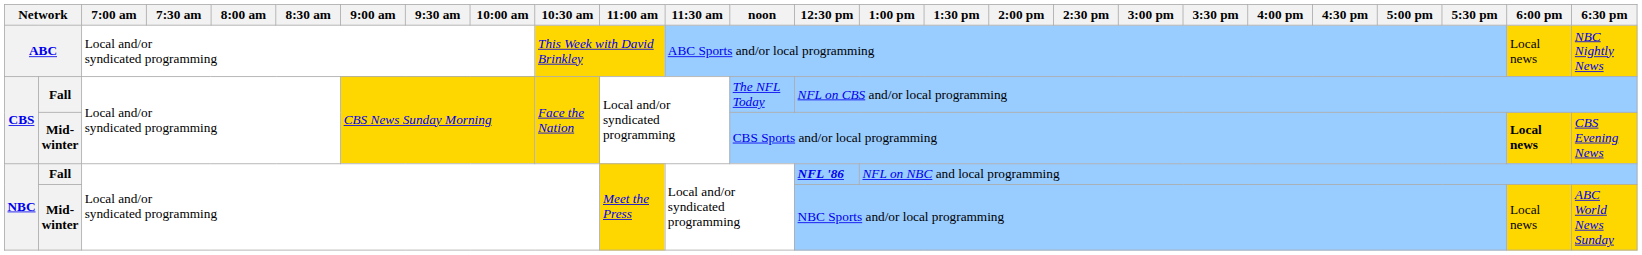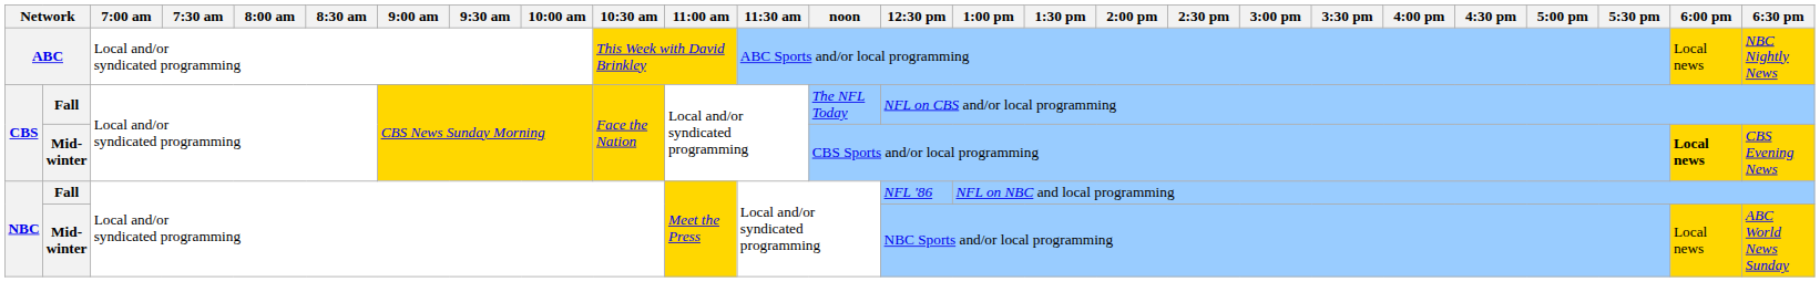 <table class=wikitable>
 <tr>
 <th width="1.5%" bgcolor="#C0C0C0" colspan="2">Network</th>
 <th width="4%" bgcolor="#C0C0C0">7:00 am</th>
 <th width="4%" bgcolor="#C0C0C0">7:30 am</th>
 <th width="4%" bgcolor="#C0C0C0">8:00 am</th>
 <th width="4%" bgcolor="#C0C0C0">8:30 am</th>
 <th width="4%" bgcolor="#C0C0C0">9:00 am</th>
 <th width="4%" bgcolor="#C0C0C0">9:30 am</th>
 <th width="4%" bgcolor="#C0C0C0">10:00 am</th>
 <th width="4%" bgcolor="#C0C0C0">10:30 am</th>
 <th width="4%" bgcolor="#C0C0C0">11:00 am</th>
 <th width="4%" bgcolor="#C0C0C0">11:30 am</th>
 <th width="4%" bgcolor="#C0C0C0">noon</th>
 <th width="4%" bgcolor="#C0C0C0">12:30 pm</th>
 <th width="4%" bgcolor="#C0C0C0">1:00 pm</th>
 <th width="4%" bgcolor="#C0C0C0">1:30 pm</th>
 <th width="4%" bgcolor="#C0C0C0">2:00 pm</th>
 <th width="4%" bgcolor="#C0C0C0">2:30 pm</th>
 <th width="4%" bgcolor="#C0C0C0">3:00 pm</th>
 <th width="4%" bgcolor="#C0C0C0">3:30 pm</th>
 <th width="4%" bgcolor="#C0C0C0">4:00 pm</th>
 <th width="4%" bgcolor="#C0C0C0">4:30 pm</th>
 <th width="4%" bgcolor="#C0C0C0">5:00 pm</th>
 <th width="4%" bgcolor="#C0C0C0">5:30 pm</th>
 <th width="4%" bgcolor="#C0C0C0">6:00 pm</th>
 <th width="4%" bgcolor="#C0C0C0">6:30 pm</th>
 </tr>
 <tr>
 <th bgcolor="#C0C0C0" colspan="2"><a href='#'>ABC</a></th>
 <td bgcolor="white" colspan="7">Local and/or<br>syndicated programming</td>
 <td bgcolor="gold" colspan="2"><em><a href='#'>This Week with David Brinkley</a></em></td>
 <td bgcolor="99ccff" colspan="13"><a href='#'>ABC Sports</a> and/or local programming</td>
 <td bgcolor="gold">Local news</td>
 <td bgcolor="gold" rowspan="1"><em><a href='#'>NBC Nightly News</a></em></td>
 </tr>
 <tr>
 <th bgcolor="#C0C0C0" rowspan="2"><a href='#'>CBS</a></th>
 <th>Fall</th>
 <td bgcolor="white" rowspan="2"colspan="4">Local and/or<br>syndicated programming</td>
 <td bgcolor="gold" rowspan="2"colspan="3"><em><a href='#'>CBS News Sunday Morning</a></em></td>
 <td bgcolor="gold" rowspan="2"colspan="1"><em><a href='#'>Face the Nation</a></em></td>
 <td bgcolor="white" rowspan="2"colspan="2">Local and/or<br>syndicated programming</td>
 <td bgcolor="99ccff" rowspan="1"><em><a href='#'>The NFL Today</a></em></td>
 <td bgcolor="99ccff" colspan="13" rowspan="1"><em><a href='#'>NFL on CBS</a></em> and/or local programming</td>
 </tr>
 <tr>
 <th>Mid-winter</th>
 <td bgcolor="99ccff" rowspan="1"colspan="12"><a href='#'>CBS Sports</a> and/or local programming</td>
 <td bgcolor="gold"rowspan="1"><strong>Local news</strong></td>
 <td bgcolor="gold"rowspan="1"><em><a href='#'>CBS Evening News</a></em></td>
 </tr>
 <tr>
 <th bgcolor="#C0C0C0" rowspan="2"><a href='#'>NBC</a></th>
 <th>Fall</th>
 <td bgcolor="white" colspan="8" rowspan="2">Local and/or<br>syndicated programming</td>
 <td bgcolor="gold" rowspan="2"><em><a href='#'>Meet the Press</a></em></td>
 <td bgcolor="white" colspan="2" rowspan="2">Local and/or<br>syndicated programming</td>
-<td bgcolor="99ccff" rowspan="1"><strong><em><a href='#'>NFL '86</a></em></strong></td>
+<td bgcolor="99ccff" rowspan="1"><em><a href='#'>NFL '86</a></em></td>
 <td bgcolor="99ccff" colspan="12" rowspan="1"><em><a href='#'>NFL on NBC</a></em> and local programming</td>
 </tr>
 <tr>
 <th>Mid-winter</th>
 <td bgcolor="99ccff" colspan="11" rowspan="1"><a href='#'>NBC Sports</a> and/or local programming</td>
 <td bgcolor="gold" rowspan="1">Local news</td>
 <td bgcolor="gold"><em><a href='#'>ABC World News Sunday</a></em></td>
 </tr>
 </table>
